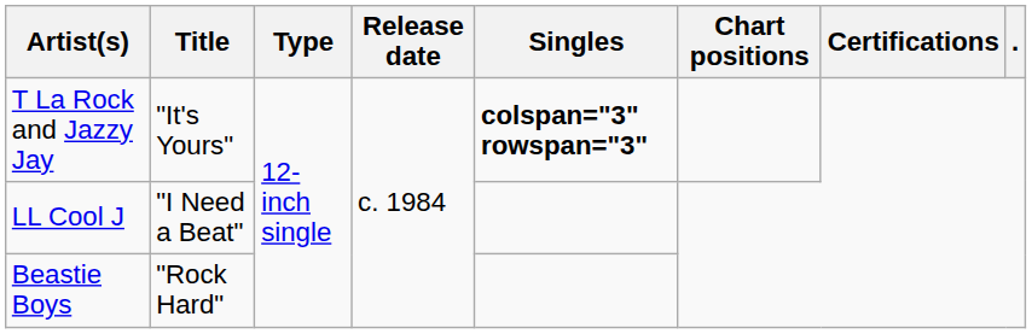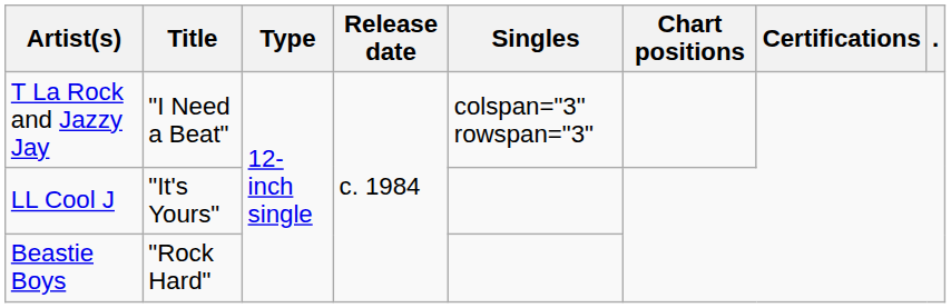 <table class="wikitable">
 <tr>
 <th>Artist(s)</th>
 <th>Title</th>
 <th>Type</th>
 <th>Release date</th>
 <th>Singles</th>
 <th>Chart positions</th>
 <th>Certifications</th>
 <th>.</th>
 </tr>
 <tr>
 <td><a href='#'>T La Rock</a> and <a href='#'>Jazzy Jay</a></td>
-<td>"It's Yours"</td>
+<td>"I Need a Beat"</td>
 <td rowspan="3"><a href='#'>12-inch single</a></td>
 <td rowspan="3">c. 1984</td>
-<td><strong>colspan="3" rowspan="3" </strong></td>
+<td>colspan="3" rowspan="3" </td>
 <td></td>
 </tr>
 <tr>
 <td><a href='#'>LL Cool J</a></td>
-<td>"I Need a Beat"</td>
+<td>"It's Yours"</td>
 <td></td>
 </tr>
 <tr>
 <td><a href='#'>Beastie Boys</a></td>
 <td>"Rock Hard"</td>
 <td></td>
 </tr>
 </table>
